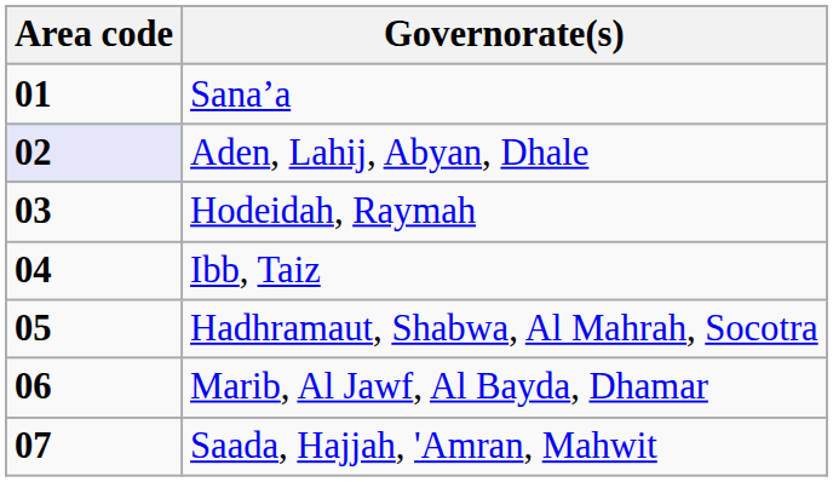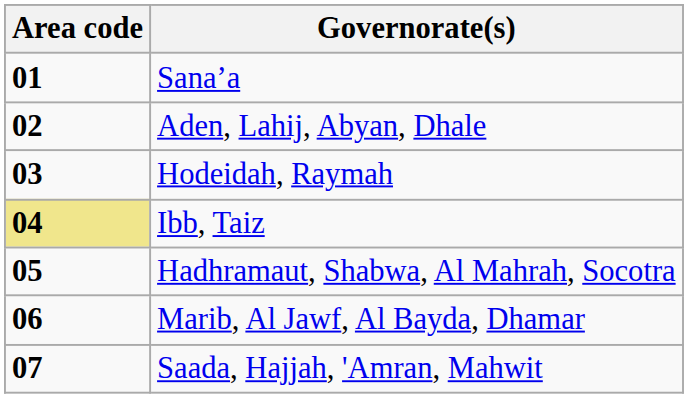 <table class="wikitable">
 <tr>
 <th>Area code</th>
 <th>Governorate(s)</th>
 </tr>
 <tr>
 <td><strong>01</strong></td>
 <td><a href='#'>Sana’a</a></td>
 </tr>
 <tr>
-<td style="background: lavender;"><strong>02</strong></td>
+<td><strong>02</strong></td>
 <td><a href='#'>Aden</a>, <a href='#'>Lahij</a>, <a href='#'>Abyan</a>, <a href='#'>Dhale</a></td>
 </tr>
 <tr>
 <td><strong>03</strong></td>
 <td><a href='#'>Hodeidah</a>, <a href='#'>Raymah</a></td>
 </tr>
 <tr>
-<td><strong>04</strong></td>
+<td style="background: khaki;"><strong>04</strong></td>
 <td><a href='#'>Ibb</a>, <a href='#'>Taiz</a></td>
 </tr>
 <tr>
 <td><strong>05</strong></td>
 <td><a href='#'>Hadhramaut</a>, <a href='#'>Shabwa</a>, <a href='#'>Al Mahrah</a>, <a href='#'>Socotra</a></td>
 </tr>
 <tr>
 <td><strong>06</strong></td>
 <td><a href='#'>Marib</a>, <a href='#'>Al Jawf</a>, <a href='#'>Al Bayda</a>, <a href='#'>Dhamar</a></td>
 </tr>
 <tr>
 <td><strong>07</strong></td>
 <td><a href='#'>Saada</a>, <a href='#'>Hajjah</a>, <a href='#'>'Amran</a>, <a href='#'>Mahwit</a></td>
 </tr>
 </table>
